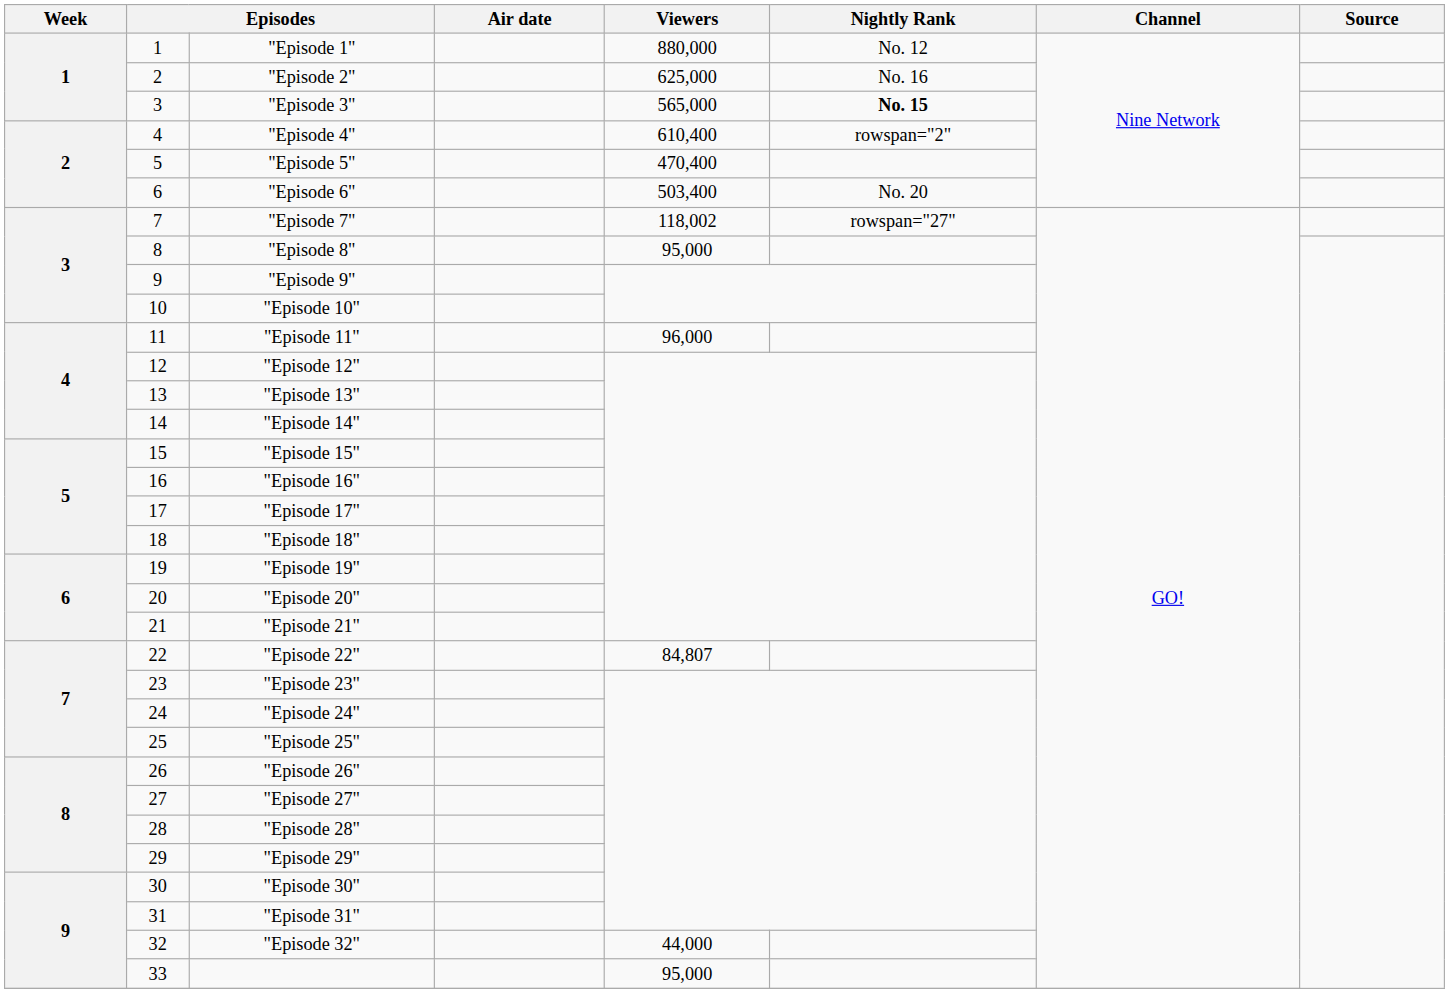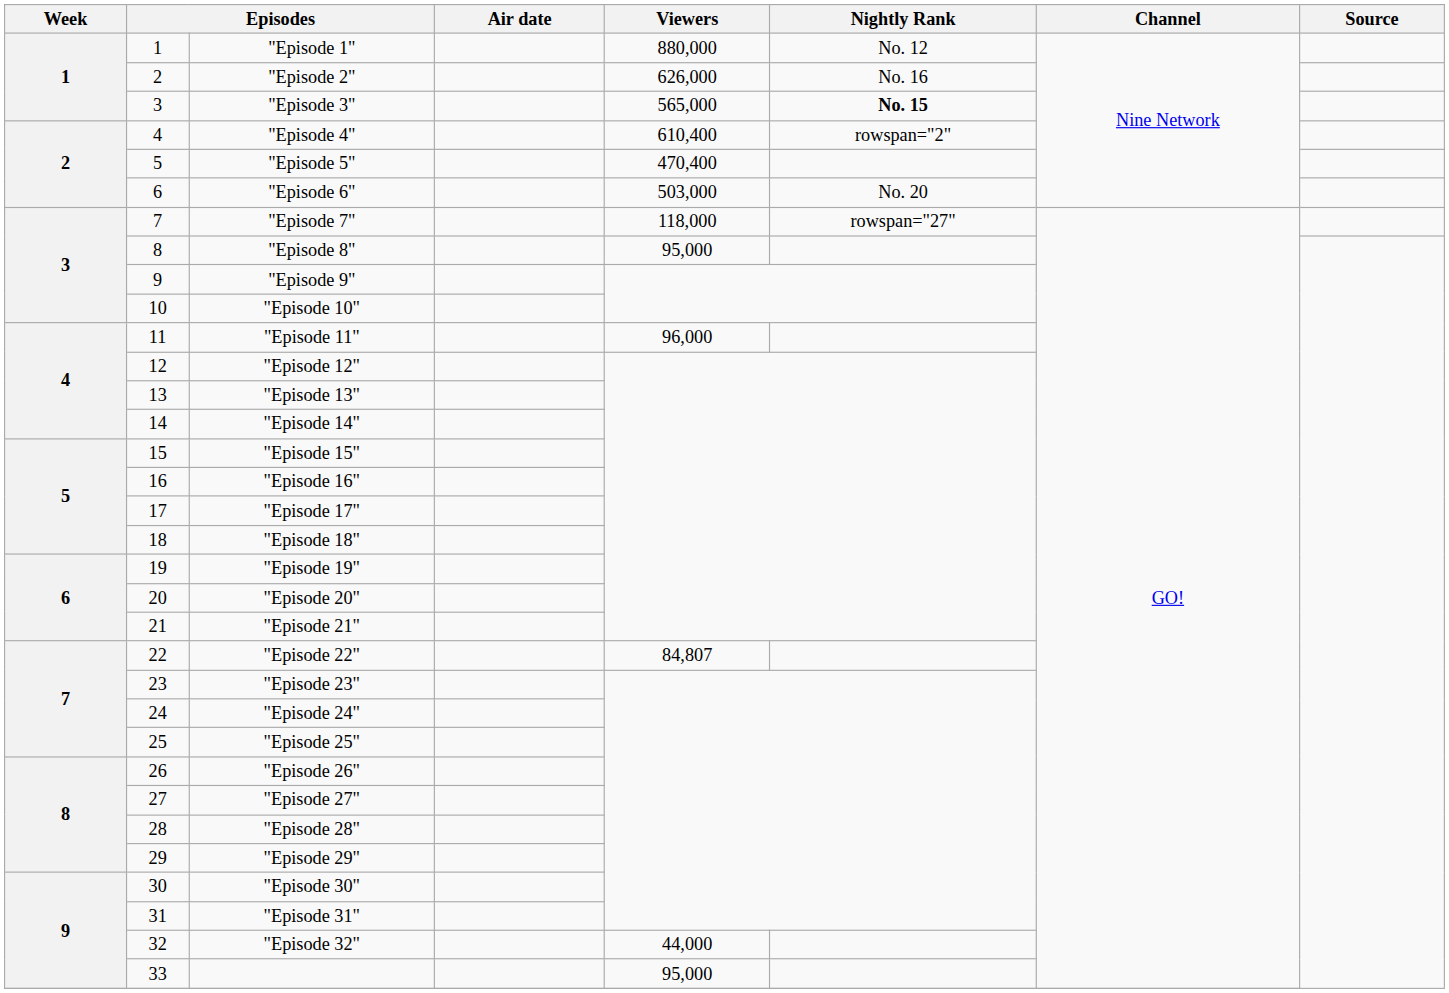 <table class="wikitable sortable" style="margin:auto; text-align:center; width:100%;">
 <tr>
 <th>Week</th>
 <th colspan="2">Episodes</th>
 <th>Air date</th>
 <th>Viewers</th>
 <th>Nightly Rank</th>
 <th>Channel</th>
 <th>Source</th>
 </tr>
 <tr>
 <th rowspan="3">1</th>
 <td>1</td>
 <td>"Episode 1"</td>
 <td></td>
 <td>880,000</td>
 <td>No. 12</td>
 <td rowspan="6"><a href='#'>Nine Network</a></td>
 <td></td>
 </tr>
 <tr>
 <td>2</td>
 <td>"Episode 2"</td>
 <td></td>
-<td>625,000</td>
+<td>626,000</td>
 <td>No. 16</td>
 <td></td>
 </tr>
 <tr>
 <td>3</td>
 <td>"Episode 3"</td>
 <td></td>
 <td>565,000</td>
 <td><strong>No. 15</strong></td>
 <td></td>
 </tr>
 <tr>
 <th rowspan="3">2</th>
 <td>4</td>
 <td>"Episode 4"</td>
 <td></td>
 <td>610,400</td>
 <td>rowspan="2" </td>
 <td></td>
 </tr>
 <tr>
 <td>5</td>
 <td>"Episode 5"</td>
 <td></td>
 <td>470,400</td>
 <td></td>
 </tr>
 <tr>
 <td>6</td>
 <td>"Episode 6"</td>
 <td></td>
-<td>503,400</td>
+<td>503,000</td>
 <td>No. 20</td>
 <td></td>
 </tr>
 <tr>
 <th rowspan="4">3</th>
 <td>7</td>
 <td>"Episode 7"</td>
 <td></td>
-<td>118,002</td>
+<td>118,000</td>
 <td>rowspan="27" </td>
 <td rowspan="27"><a href='#'>GO!</a></td>
 <td></td>
 </tr>
 <tr>
 <td>8</td>
 <td>"Episode 8"</td>
 <td></td>
 <td>95,000</td>
 <td></td>
 </tr>
 <tr>
 <td>9</td>
 <td>"Episode 9"</td>
 <td></td>
 </tr>
 <tr>
 <td>10</td>
 <td>"Episode 10"</td>
 <td></td>
 </tr>
 <tr>
 <th rowspan="4">4</th>
 <td>11</td>
 <td>"Episode 11"</td>
 <td></td>
 <td>96,000</td>
 <td></td>
 </tr>
 <tr>
 <td>12</td>
 <td>"Episode 12"</td>
 <td></td>
 </tr>
 <tr>
 <td>13</td>
 <td>"Episode 13"</td>
 <td></td>
 </tr>
 <tr>
 <td>14</td>
 <td>"Episode 14"</td>
 <td></td>
 </tr>
 <tr>
 <th rowspan="4">5</th>
 <td>15</td>
 <td>"Episode 15"</td>
 <td></td>
 </tr>
 <tr>
 <td>16</td>
 <td>"Episode 16"</td>
 <td></td>
 </tr>
 <tr>
 <td>17</td>
 <td>"Episode 17"</td>
 <td></td>
 </tr>
 <tr>
 <td>18</td>
 <td>"Episode 18"</td>
 <td></td>
 </tr>
 <tr>
 <th rowspan="3">6</th>
 <td>19</td>
 <td>"Episode 19"</td>
 <td></td>
 </tr>
 <tr>
 <td>20</td>
 <td>"Episode 20"</td>
 <td></td>
 </tr>
 <tr>
 <td>21</td>
 <td>"Episode 21"</td>
 <td></td>
 </tr>
 <tr>
 <th rowspan="4">7</th>
 <td>22</td>
 <td>"Episode 22"</td>
 <td></td>
 <td>84,807</td>
 <td></td>
 </tr>
 <tr>
 <td>23</td>
 <td>"Episode 23"</td>
 <td></td>
 </tr>
 <tr>
 <td>24</td>
 <td>"Episode 24"</td>
 <td></td>
 </tr>
 <tr>
 <td>25</td>
 <td>"Episode 25"</td>
 <td></td>
 </tr>
 <tr>
 <th rowspan="4">8</th>
 <td>26</td>
 <td>"Episode 26"</td>
 <td></td>
 </tr>
 <tr>
 <td>27</td>
 <td>"Episode 27"</td>
 <td></td>
 </tr>
 <tr>
 <td>28</td>
 <td>"Episode 28"</td>
 <td></td>
 </tr>
 <tr>
 <td>29</td>
 <td>"Episode 29"</td>
 <td></td>
 </tr>
 <tr>
 <th rowspan="4">9</th>
 <td>30</td>
 <td>"Episode 30"</td>
 <td></td>
 </tr>
 <tr>
 <td>31</td>
 <td>"Episode 31"</td>
 <td></td>
 </tr>
 <tr>
 <td>32</td>
 <td>"Episode 32"</td>
 <td></td>
 <td>44,000</td>
 <td></td>
 </tr>
 <tr>
 <td>33</td>
 <td></td>
 <td></td>
 <td>95,000</td>
 <td></td>
 </tr>
 <tr>
 </tr>
 </table>
